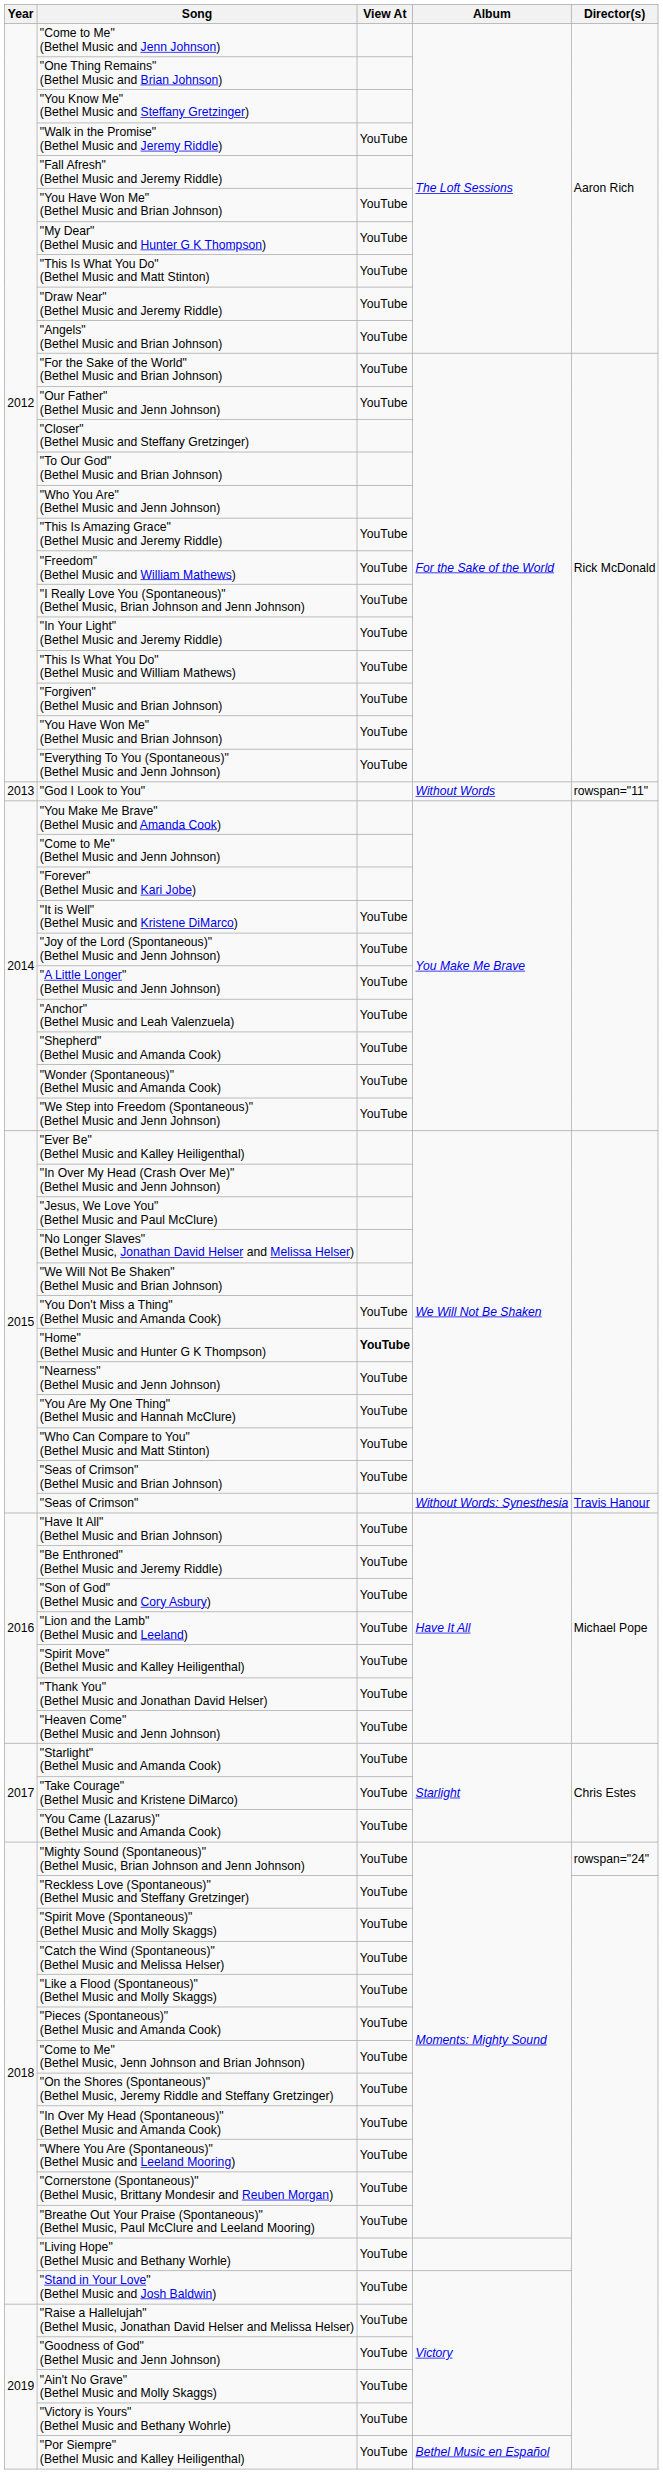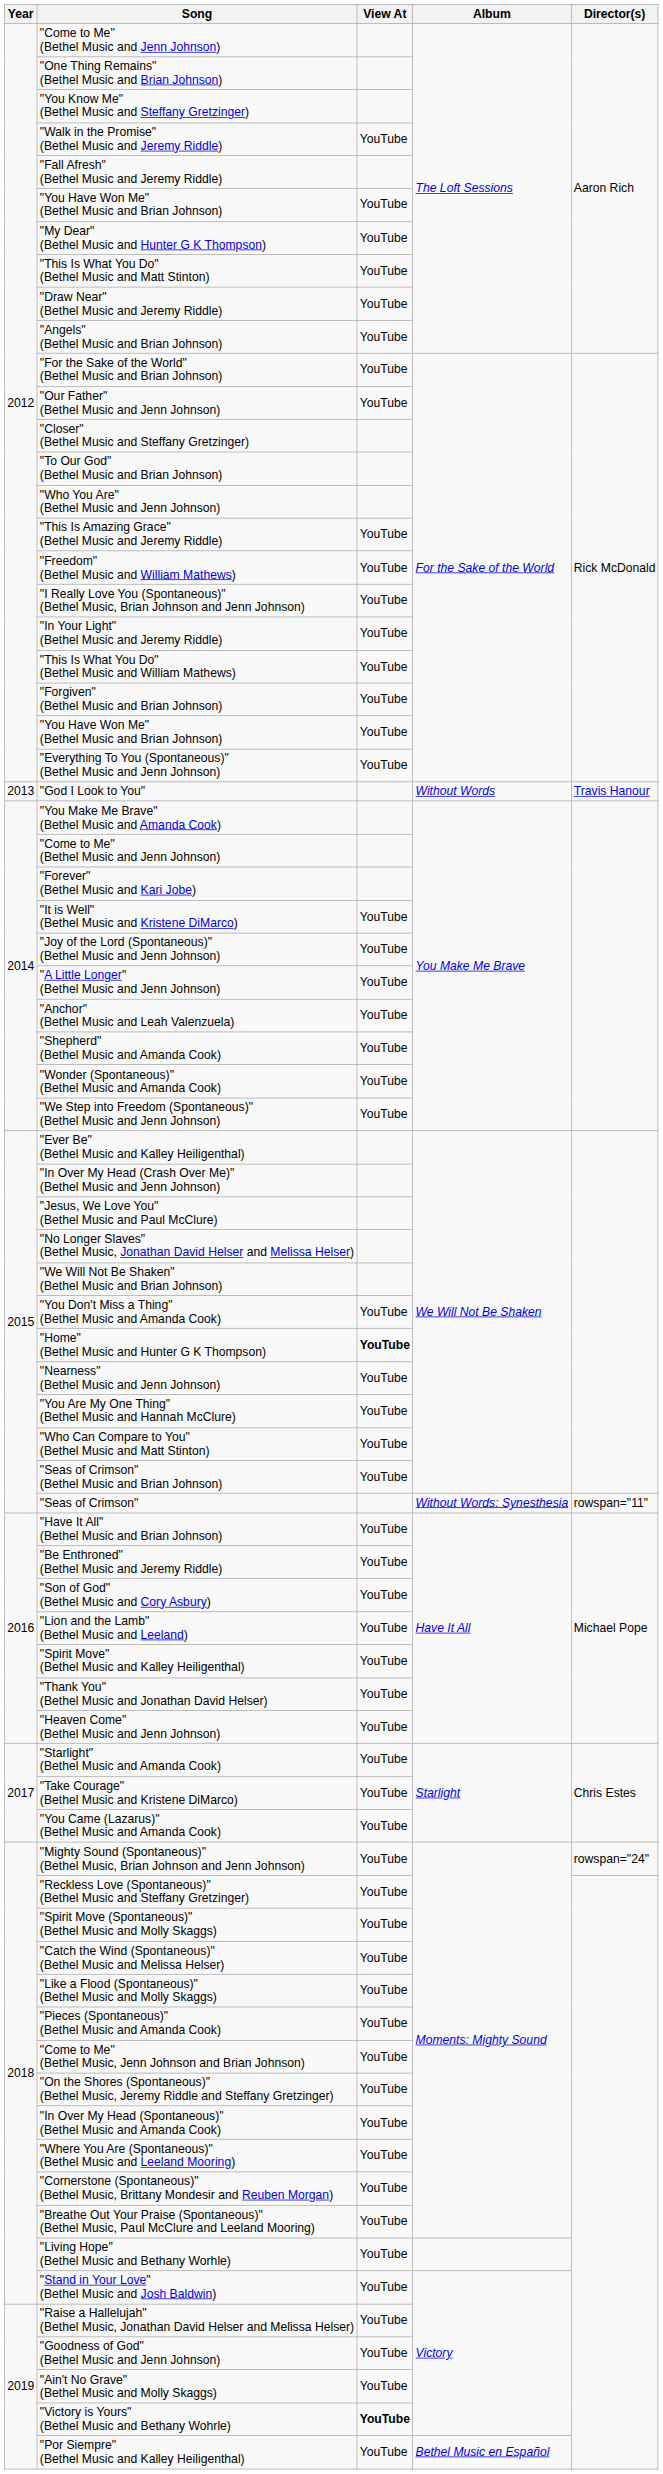 <table class="wikitable">
 <tr>
 <th scope="col">Year</th>
 <th scope="col">Song</th>
 <th scope="col">View At</th>
 <th scope="col">Album</th>
 <th scope="col">Director(s)</th>
 </tr>
 <tr>
 <td rowspan="23">2012</td>
 <td>"Come to Me"<br>(Bethel Music and <a href='#'>Jenn Johnson</a>)</td>
 <td></td>
 <td rowspan="10"><em><a href='#'>The Loft Sessions</a></em></td>
 <td rowspan="10">Aaron Rich</td>
 </tr>
 <tr>
 <td>"One Thing Remains"<br>(Bethel Music and <a href='#'>Brian Johnson</a>)</td>
 <td></td>
 </tr>
 <tr>
 <td>"You Know Me"<br>(Bethel Music and <a href='#'>Steffany Gretzinger</a>)</td>
 <td></td>
 </tr>
 <tr>
 <td>"Walk in the Promise"<br>(Bethel Music and <a href='#'>Jeremy Riddle</a>)</td>
 <td>YouTube</td>
 </tr>
 <tr>
 <td>"Fall Afresh"<br>(Bethel Music and Jeremy Riddle)</td>
 <td></td>
 </tr>
 <tr>
 <td>"You Have Won Me"<br>(Bethel Music and Brian Johnson)</td>
 <td>YouTube</td>
 </tr>
 <tr>
 <td>"My Dear"<br>(Bethel Music and <a href='#'>Hunter G K Thompson</a>)</td>
 <td>YouTube</td>
 </tr>
 <tr>
 <td>"This Is What You Do"<br>(Bethel Music and Matt Stinton)</td>
 <td>YouTube</td>
 </tr>
 <tr>
 <td>"Draw Near"<br>(Bethel Music and Jeremy Riddle)</td>
 <td>YouTube</td>
 </tr>
 <tr>
 <td>"Angels"<br>(Bethel Music and Brian Johnson)</td>
 <td>YouTube</td>
 </tr>
 <tr>
 <td>"For the Sake of the World"<br>(Bethel Music and Brian Johnson)</td>
 <td>YouTube</td>
 <td rowspan="13"><em><a href='#'>For the Sake of the World</a></em></td>
 <td rowspan="13">Rick McDonald</td>
 </tr>
 <tr>
 <td>"Our Father"<br>(Bethel Music and Jenn Johnson)</td>
 <td>YouTube</td>
 </tr>
 <tr>
 <td>"Closer"<br>(Bethel Music and Steffany Gretzinger)</td>
 <td></td>
 </tr>
 <tr>
 <td>"To Our God"<br>(Bethel Music and Brian Johnson)</td>
 <td></td>
 </tr>
 <tr>
 <td>"Who You Are"<br>(Bethel Music and Jenn Johnson)</td>
 <td></td>
 </tr>
 <tr>
 <td>"This Is Amazing Grace"<br>(Bethel Music and Jeremy Riddle)</td>
 <td>YouTube</td>
 </tr>
 <tr>
 <td>"Freedom"<br>(Bethel Music and <a href='#'>William Mathews</a>)</td>
 <td>YouTube</td>
 </tr>
 <tr>
 <td>"I Really Love You (Spontaneous)"<br>(Bethel Music, Brian Johnson and Jenn Johnson)</td>
 <td>YouTube</td>
 </tr>
 <tr>
 <td>"In Your Light"<br>(Bethel Music and Jeremy Riddle)</td>
 <td>YouTube</td>
 </tr>
 <tr>
 <td>"This Is What You Do"<br>(Bethel Music and William Mathews)</td>
 <td>YouTube</td>
 </tr>
 <tr>
 <td>"Forgiven"<br>(Bethel Music and Brian Johnson)</td>
 <td>YouTube</td>
 </tr>
 <tr>
 <td>"You Have Won Me"<br>(Bethel Music and Brian Johnson)</td>
 <td>YouTube</td>
 </tr>
 <tr>
 <td>"Everything To You (Spontaneous)"<br>(Bethel Music and Jenn Johnson)</td>
 <td>YouTube</td>
 </tr>
 <tr>
 <td>2013</td>
 <td>"God I Look to You"</td>
 <td></td>
 <td><em><a href='#'>Without Words</a></em></td>
-<td>rowspan="11" </td>
+<td><a href='#'>Travis Hanour</a></td>
 </tr>
 <tr>
 <td rowspan="10">2014</td>
 <td>"You Make Me Brave"<br>(Bethel Music and <a href='#'>Amanda Cook</a>)</td>
 <td></td>
 <td rowspan="10"><em><a href='#'>You Make Me Brave</a></em></td>
 </tr>
 <tr>
 <td>"Come to Me"<br>(Bethel Music and Jenn Johnson)</td>
 <td></td>
 </tr>
 <tr>
 <td>"Forever"<br>(Bethel Music and <a href='#'>Kari Jobe</a>)</td>
 <td></td>
 </tr>
 <tr>
 <td>"It is Well"<br>(Bethel Music and <a href='#'>Kristene DiMarco</a>)</td>
 <td>YouTube</td>
 </tr>
 <tr>
 <td>"Joy of the Lord (Spontaneous)"<br>(Bethel Music and Jenn Johnson)</td>
 <td>YouTube</td>
 </tr>
 <tr>
 <td>"<a href='#'>A Little Longer</a>"<br>(Bethel Music and Jenn Johnson)</td>
 <td>YouTube</td>
 </tr>
 <tr>
 <td>"Anchor"<br>(Bethel Music and Leah Valenzuela)</td>
 <td>YouTube</td>
 </tr>
 <tr>
 <td>"Shepherd"<br>(Bethel Music and Amanda Cook)</td>
 <td>YouTube</td>
 </tr>
 <tr>
 <td>"Wonder (Spontaneous)"<br>(Bethel Music and Amanda Cook)</td>
 <td>YouTube</td>
 </tr>
 <tr>
 <td>"We Step into Freedom (Spontaneous)"<br>(Bethel Music and Jenn Johnson)</td>
 <td>YouTube</td>
 </tr>
 <tr>
 <td rowspan="12">2015</td>
 <td>"Ever Be"<br>(Bethel Music and Kalley Heiligenthal)</td>
 <td></td>
 <td rowspan="11"><em><a href='#'>We Will Not Be Shaken</a></em></td>
 <td rowspan="11"></td>
 </tr>
 <tr>
 <td>"In Over My Head (Crash Over Me)"<br>(Bethel Music and Jenn Johnson)</td>
 <td></td>
 </tr>
 <tr>
 <td>"Jesus, We Love You"<br>(Bethel Music and Paul McClure)</td>
 <td></td>
 </tr>
 <tr>
 <td>"No Longer Slaves"<br>(Bethel Music, <a href='#'>Jonathan David Helser</a> and <a href='#'>Melissa Helser</a>)</td>
 <td></td>
 </tr>
 <tr>
 <td>"We Will Not Be Shaken"<br>(Bethel Music and Brian Johnson)</td>
 <td></td>
 </tr>
 <tr>
 <td>"You Don't Miss a Thing"<br>(Bethel Music and Amanda Cook)</td>
 <td>YouTube</td>
 </tr>
 <tr>
 <td>"Home"<br>(Bethel Music and Hunter G K Thompson)</td>
 <td><strong>YouTube</strong></td>
 </tr>
 <tr>
 <td>"Nearness"<br>(Bethel Music and Jenn Johnson)</td>
 <td>YouTube</td>
 </tr>
 <tr>
 <td>"You Are My One Thing"<br>(Bethel Music and Hannah McClure)</td>
 <td>YouTube</td>
 </tr>
 <tr>
 <td>"Who Can Compare to You"<br>(Bethel Music and Matt Stinton)</td>
 <td>YouTube</td>
 </tr>
 <tr>
 <td>"Seas of Crimson"<br>(Bethel Music and Brian Johnson)</td>
 <td>YouTube</td>
 </tr>
 <tr>
 <td>"Seas of Crimson"</td>
 <td></td>
 <td><em><a href='#'>Without Words: Synesthesia</a></em></td>
-<td><a href='#'>Travis Hanour</a></td>
+<td>rowspan="11" </td>
 </tr>
 <tr>
 <td rowspan="7">2016</td>
 <td>"Have It All"<br>(Bethel Music and Brian Johnson)</td>
 <td>YouTube</td>
 <td rowspan="7"><em><a href='#'>Have It All</a></em></td>
 <td rowspan="7">Michael Pope</td>
 </tr>
 <tr>
 <td>"Be Enthroned"<br>(Bethel Music and Jeremy Riddle)</td>
 <td>YouTube</td>
 </tr>
 <tr>
 <td>"Son of God"<br>(Bethel Music and <a href='#'>Cory Asbury</a>)</td>
 <td>YouTube</td>
 </tr>
 <tr>
 <td>"Lion and the Lamb"<br>(Bethel Music and <a href='#'>Leeland</a>)</td>
 <td>YouTube</td>
 </tr>
 <tr>
 <td>"Spirit Move"<br>(Bethel Music and Kalley Heiligenthal)</td>
 <td>YouTube</td>
 </tr>
 <tr>
 <td>"Thank You"<br>(Bethel Music and Jonathan David Helser)</td>
 <td>YouTube</td>
 </tr>
 <tr>
 <td>"Heaven Come"<br>(Bethel Music and Jenn Johnson)</td>
 <td>YouTube</td>
 </tr>
 <tr>
 <td rowspan="3">2017</td>
 <td>"Starlight"<br>(Bethel Music and Amanda Cook)</td>
 <td>YouTube</td>
 <td rowspan="3"><em><a href='#'>Starlight</a></em></td>
 <td rowspan="3">Chris Estes</td>
 </tr>
 <tr>
 <td>"Take Courage"<br>(Bethel Music and Kristene DiMarco)</td>
 <td>YouTube</td>
 </tr>
 <tr>
 <td>"You Came (Lazarus)"<br>(Bethel Music and Amanda Cook)</td>
 <td>YouTube</td>
 </tr>
 <tr>
 <td rowspan="14">2018</td>
 <td>"Mighty Sound (Spontaneous)"<br>(Bethel Music, Brian Johnson and Jenn Johnson)</td>
 <td>YouTube</td>
 <td rowspan="12"><em><a href='#'>Moments: Mighty Sound</a></em></td>
 <td>rowspan="24" </td>
 </tr>
 <tr>
 <td>"Reckless Love (Spontaneous)"<br>(Bethel Music and Steffany Gretzinger)</td>
 <td>YouTube</td>
 </tr>
 <tr>
 <td>"Spirit Move (Spontaneous)"<br>(Bethel Music and Molly Skaggs)</td>
 <td>YouTube</td>
 </tr>
 <tr>
 <td>"Catch the Wind (Spontaneous)"<br>(Bethel Music and Melissa Helser)</td>
 <td>YouTube</td>
 </tr>
 <tr>
 <td>"Like a Flood (Spontaneous)"<br>(Bethel Music and Molly Skaggs)</td>
 <td>YouTube</td>
 </tr>
 <tr>
 <td>"Pieces (Spontaneous)"<br>(Bethel Music and Amanda Cook)</td>
 <td>YouTube</td>
 </tr>
 <tr>
 <td>"Come to Me"<br>(Bethel Music, Jenn Johnson and Brian Johnson)</td>
 <td>YouTube</td>
 </tr>
 <tr>
 <td>"On the Shores (Spontaneous)"<br>(Bethel Music, Jeremy Riddle and Steffany Gretzinger)</td>
 <td>YouTube</td>
 </tr>
 <tr>
 <td>"In Over My Head (Spontaneous)"<br>(Bethel Music and Amanda Cook)</td>
 <td>YouTube</td>
 </tr>
 <tr>
 <td>"Where You Are (Spontaneous)"<br>(Bethel Music and <a href='#'>Leeland Mooring</a>)</td>
 <td>YouTube</td>
 </tr>
 <tr>
 <td>"Cornerstone (Spontaneous)"<br>(Bethel Music, Brittany Mondesir and <a href='#'>Reuben Morgan</a>)</td>
 <td>YouTube</td>
 </tr>
 <tr>
 <td>"Breathe Out Your Praise (Spontaneous)"<br>(Bethel Music, Paul McClure and Leeland Mooring)</td>
 <td>YouTube</td>
 </tr>
 <tr>
 <td>"Living Hope"<br>(Bethel Music and Bethany Worhle)</td>
 <td>YouTube</td>
 <td></td>
 </tr>
 <tr>
 <td>"<a href='#'>Stand in Your Love</a>"<br>(Bethel Music and <a href='#'>Josh Baldwin</a>)</td>
 <td>YouTube</td>
 <td rowspan="5"><a href='#'><em>Victory</em></a></td>
 </tr>
 <tr>
 <td rowspan="5">2019</td>
 <td>"Raise a Hallelujah"<br>(Bethel Music, Jonathan David Helser and Melissa Helser)</td>
 <td>YouTube</td>
 </tr>
 <tr>
 <td>"Goodness of God"<br>(Bethel Music and Jenn Johnson)</td>
 <td>YouTube</td>
 </tr>
 <tr>
 <td>"Ain't No Grave"<br>(Bethel Music and Molly Skaggs)</td>
 <td>YouTube</td>
 </tr>
 <tr>
 <td>"Victory is Yours"<br>(Bethel Music and Bethany Wohrle)</td>
-<td>YouTube</td>
+<td><strong>YouTube</strong></td>
 </tr>
 <tr>
 <td>"Por Siempre"<br>(Bethel Music and Kalley Heiligenthal)</td>
 <td>YouTube</td>
 <td><em><a href='#'>Bethel Music en Español</a></em></td>
 </tr>
 </table>
